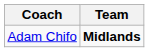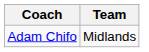 <table class="wikitable">
 <tr>
 <th>Coach</th>
 <th>Team</th>
 </tr>
 <tr>
 <td><a href='#'>Adam Chifo</a></td>
-<td><strong>Midlands</strong></td>
+<td>Midlands</td>
 </tr>
 </table>
